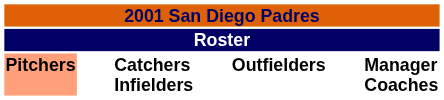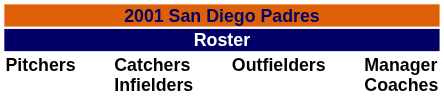 <table class="toccolours" style="font-size: 95%;">
 <tr>
 <th colspan="10" style="background-color: #de6108;; color: #000066; text-align: center;">2001 San Diego Padres</th>
 </tr>
 <tr>
 <td colspan="10" style="background-color: #000066; color: #FFFFFF; text-align: center;"><strong>Roster</strong></td>
 </tr>
 <tr>
-<td valign="top" style="background: lightsalmon;"><strong>Pitchers</strong><br>                        </td>
+<td valign="top"><strong>Pitchers</strong><br>                        </td>
 <td width="25px"></td>
 <td valign="top"><strong>Catchers</strong><br>   <strong>Infielders</strong>           </td>
 <td width="25px"></td>
 <td valign="top"><strong>Outfielders</strong><br>        </td>
 <td width="25px"></td>
 <td valign="top"><strong>Manager</strong><br> <strong>Coaches</strong>      </td>
 </tr>
 </table>
